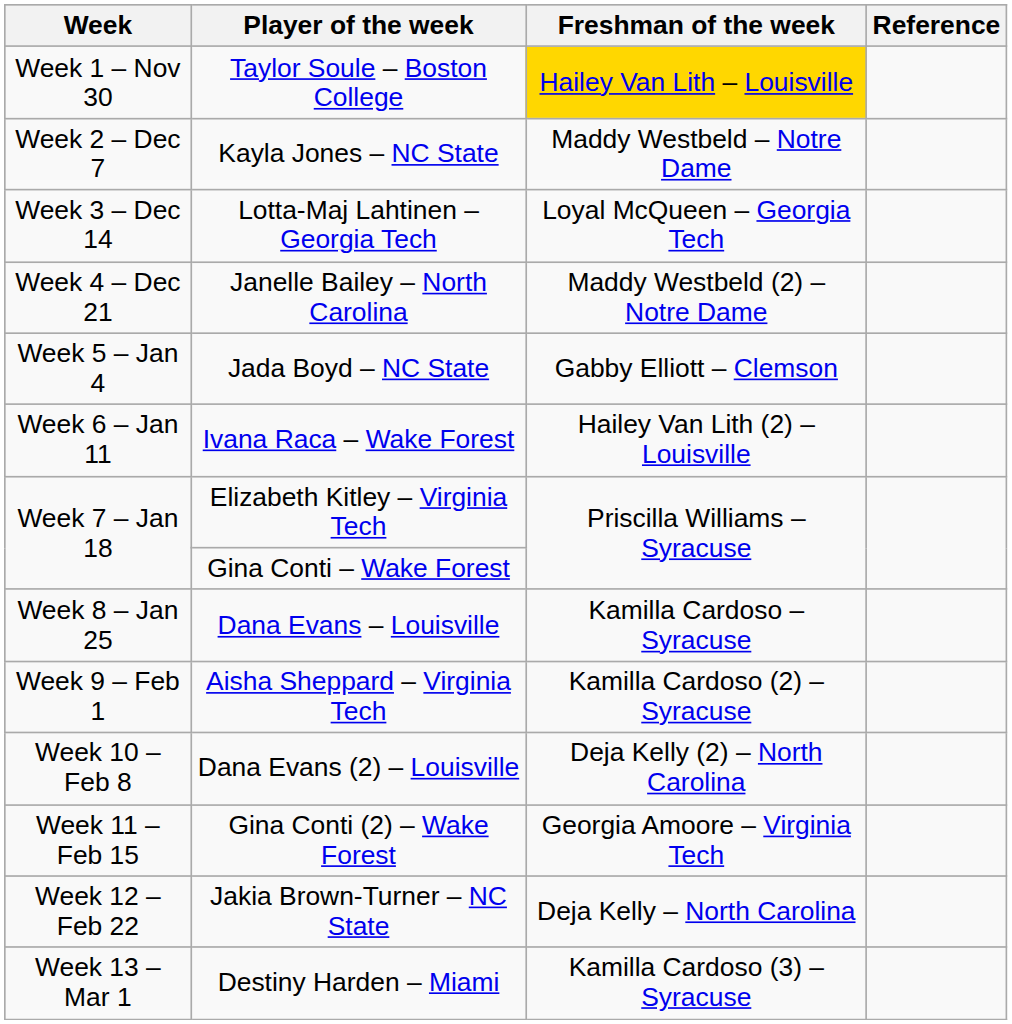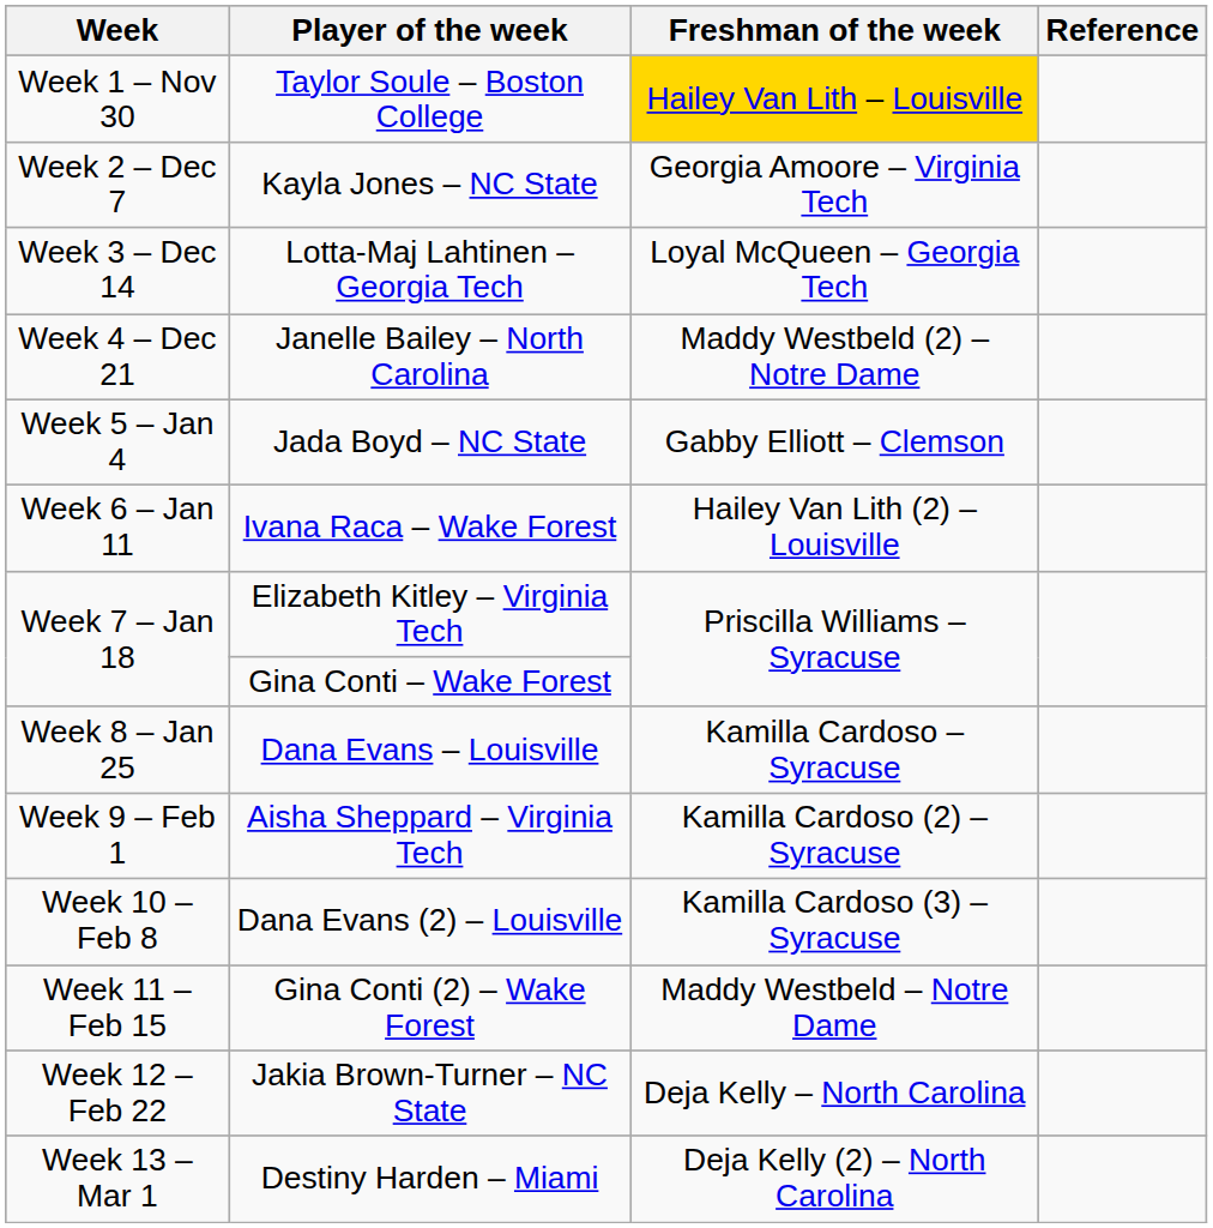 <table class="wikitable" border="1" style="text-align: center;">
 <tr>
 <th>Week</th>
 <th>Player of the week</th>
 <th>Freshman of the week</th>
 <th>Reference</th>
 </tr>
 <tr>
 <td>Week 1 – Nov 30</td>
 <td><a href='#'>Taylor Soule</a> – <a href='#'>Boston College</a></td>
 <td style="background: gold;"><a href='#'>Hailey Van Lith</a> – <a href='#'>Louisville</a></td>
 <td></td>
 </tr>
 <tr>
 <td>Week 2 – Dec 7</td>
 <td>Kayla Jones – <a href='#'>NC State</a></td>
-<td>Maddy Westbeld – <a href='#'>Notre Dame</a></td>
+<td>Georgia Amoore – <a href='#'>Virginia Tech</a></td>
 <td></td>
 </tr>
 <tr>
 <td>Week 3 – Dec 14</td>
 <td>Lotta-Maj Lahtinen – <a href='#'>Georgia Tech</a></td>
 <td>Loyal McQueen – <a href='#'>Georgia Tech</a></td>
 <td></td>
 </tr>
 <tr>
 <td>Week 4 – Dec 21</td>
 <td>Janelle Bailey – <a href='#'>North Carolina</a></td>
 <td>Maddy Westbeld (2) – <a href='#'>Notre Dame</a></td>
 <td></td>
 </tr>
 <tr>
 <td>Week 5 – Jan 4</td>
 <td>Jada Boyd – <a href='#'>NC State</a></td>
 <td>Gabby Elliott – <a href='#'>Clemson</a></td>
 <td></td>
 </tr>
 <tr>
 <td>Week 6 – Jan 11</td>
 <td><a href='#'>Ivana Raca</a> – <a href='#'>Wake Forest</a></td>
 <td>Hailey Van Lith (2) – <a href='#'>Louisville</a></td>
 <td></td>
 </tr>
 <tr>
 <td rowspan=2>Week 7 – Jan 18</td>
 <td>Elizabeth Kitley – <a href='#'>Virginia Tech</a></td>
 <td rowspan=2>Priscilla Williams – <a href='#'>Syracuse</a></td>
 <td rowspan=2></td>
 </tr>
 <tr>
 <td>Gina Conti – <a href='#'>Wake Forest</a></td>
 </tr>
 <tr>
 <td>Week 8 – Jan 25</td>
 <td><a href='#'>Dana Evans</a> – <a href='#'>Louisville</a></td>
 <td>Kamilla Cardoso – <a href='#'>Syracuse</a></td>
 <td></td>
 </tr>
 <tr>
 <td>Week 9 – Feb 1</td>
 <td><a href='#'>Aisha Sheppard</a> – <a href='#'>Virginia Tech</a></td>
 <td>Kamilla Cardoso (2) – <a href='#'>Syracuse</a></td>
 <td></td>
 </tr>
 <tr>
 <td>Week 10 – Feb 8</td>
 <td>Dana Evans (2) – <a href='#'>Louisville</a></td>
-<td>Deja Kelly (2) – <a href='#'>North Carolina</a></td>
+<td>Kamilla Cardoso (3) – <a href='#'>Syracuse</a></td>
 <td></td>
 </tr>
 <tr>
 <td>Week 11 – Feb 15</td>
 <td>Gina Conti (2) – <a href='#'>Wake Forest</a></td>
-<td>Georgia Amoore – <a href='#'>Virginia Tech</a></td>
+<td>Maddy Westbeld – <a href='#'>Notre Dame</a></td>
 <td></td>
 </tr>
 <tr>
 <td>Week 12 – Feb 22</td>
 <td>Jakia Brown-Turner – <a href='#'>NC State</a></td>
 <td>Deja Kelly – <a href='#'>North Carolina</a></td>
 <td></td>
 </tr>
 <tr>
 <td>Week 13 – Mar 1</td>
 <td>Destiny Harden – <a href='#'>Miami</a></td>
-<td>Kamilla Cardoso (3) – <a href='#'>Syracuse</a></td>
+<td>Deja Kelly (2) – <a href='#'>North Carolina</a></td>
 <td></td>
 </tr>
 </table>
